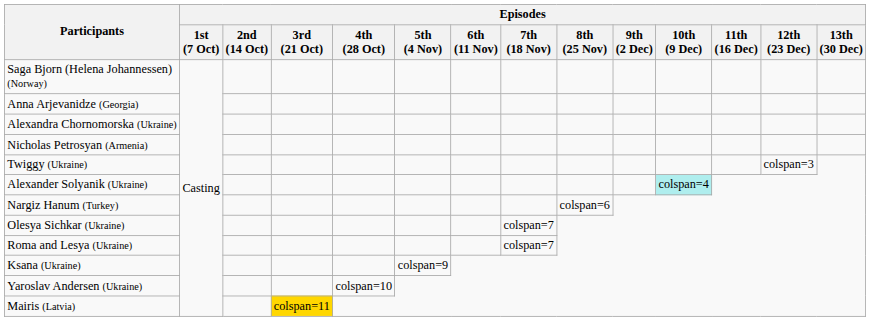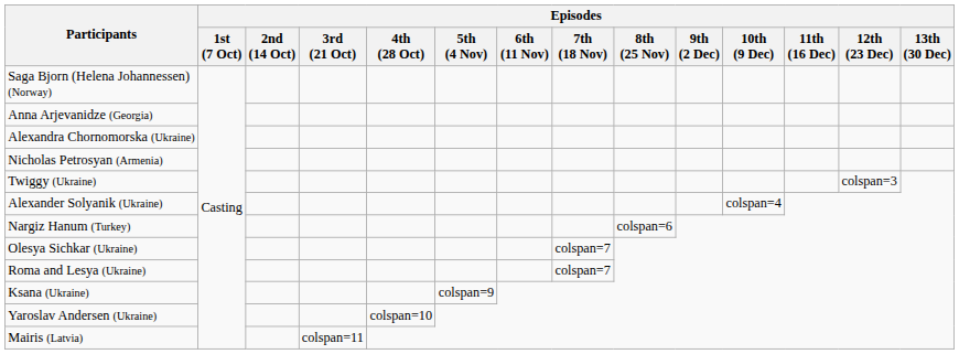 <table class="wikitable" style="font-size:90%;">
 <tr>
 <th rowspan=2>Participants</th>
 <th colspan=13>Episodes</th>
 </tr>
 <tr>
 <th>1st<br>(7 Oct)</th>
 <th>2nd<br>(14 Oct)</th>
 <th>3rd<br>(21 Oct)</th>
 <th>4th<br>(28 Oct)</th>
 <th>5th<br>(4 Nov)</th>
 <th>6th<br>(11 Nov)</th>
 <th>7th<br>(18 Nov)</th>
 <th>8th<br>(25 Nov)</th>
 <th>9th<br>(2 Dec)</th>
 <th>10th<br>(9 Dec)</th>
 <th>11th<br>(16 Dec)</th>
 <th>12th<br>(23 Dec)</th>
 <th>13th<br>(30 Dec)</th>
 </tr>
 <tr>
 <td>Saga Bjorn (Helena Johannessen)<br><small>(Norway)</small></td>
 <td rowspan="12">Casting</td>
 <td></td>
 <td></td>
 <td></td>
 <td></td>
 <td></td>
 <td></td>
 <td></td>
 <td></td>
 <td></td>
 <td></td>
 <td></td>
 <td></td>
 </tr>
 <tr>
 <td>Anna Arjevanidze <small>(Georgia)</small></td>
 <td></td>
 <td></td>
 <td></td>
 <td></td>
 <td></td>
 <td></td>
 <td></td>
 <td></td>
 <td></td>
 <td></td>
 <td></td>
 <td></td>
 </tr>
 <tr>
 <td>Alexandra Chornomorska <small>(Ukraine)</small></td>
 <td></td>
 <td></td>
 <td></td>
 <td></td>
 <td></td>
 <td></td>
 <td></td>
 <td></td>
 <td></td>
 <td></td>
 <td></td>
 <td></td>
 </tr>
 <tr>
 <td>Nicholas Petrosyan <small>(Armenia)</small></td>
 <td></td>
 <td></td>
 <td></td>
 <td></td>
 <td></td>
 <td></td>
 <td></td>
 <td></td>
 <td></td>
 <td></td>
 <td></td>
 <td></td>
 </tr>
 <tr>
 <td>Twiggy <small>(Ukraine)</small></td>
 <td></td>
 <td></td>
 <td></td>
 <td></td>
 <td></td>
 <td></td>
 <td></td>
 <td></td>
 <td></td>
 <td></td>
 <td>colspan=3 </td>
 </tr>
 <tr>
 <td>Alexander Solyanik <small>(Ukraine)</small></td>
 <td></td>
 <td></td>
 <td></td>
 <td></td>
 <td></td>
 <td></td>
 <td></td>
 <td></td>
-<td style="background: paleturquoise;">colspan=4 </td>
+<td>colspan=4 </td>
 </tr>
 <tr>
 <td>Nargiz Hanum <small>(Turkey)</small></td>
 <td></td>
 <td></td>
 <td></td>
 <td></td>
 <td></td>
 <td></td>
 <td>colspan=6 </td>
 </tr>
 <tr>
 <td>Olesya Sichkar <small>(Ukraine)</small></td>
 <td></td>
 <td></td>
 <td></td>
 <td></td>
 <td></td>
 <td>colspan=7 </td>
 </tr>
 <tr>
 <td>Roma and Lesya <small>(Ukraine) </small></td>
 <td></td>
 <td></td>
 <td></td>
 <td></td>
 <td></td>
 <td>colspan=7 </td>
 </tr>
 <tr>
 <td>Ksana <small>(Ukraine)</small></td>
 <td></td>
 <td></td>
 <td></td>
 <td>colspan=9 </td>
 </tr>
 <tr>
 <td>Yaroslav Andersen <small>(Ukraine)</small></td>
 <td></td>
 <td></td>
 <td>colspan=10 </td>
 </tr>
 <tr>
 <td>Mairis <small>(Latvia)</small></td>
 <td></td>
-<td style="background: gold;">colspan=11 </td>
+<td>colspan=11 </td>
 </tr>
 </table>
